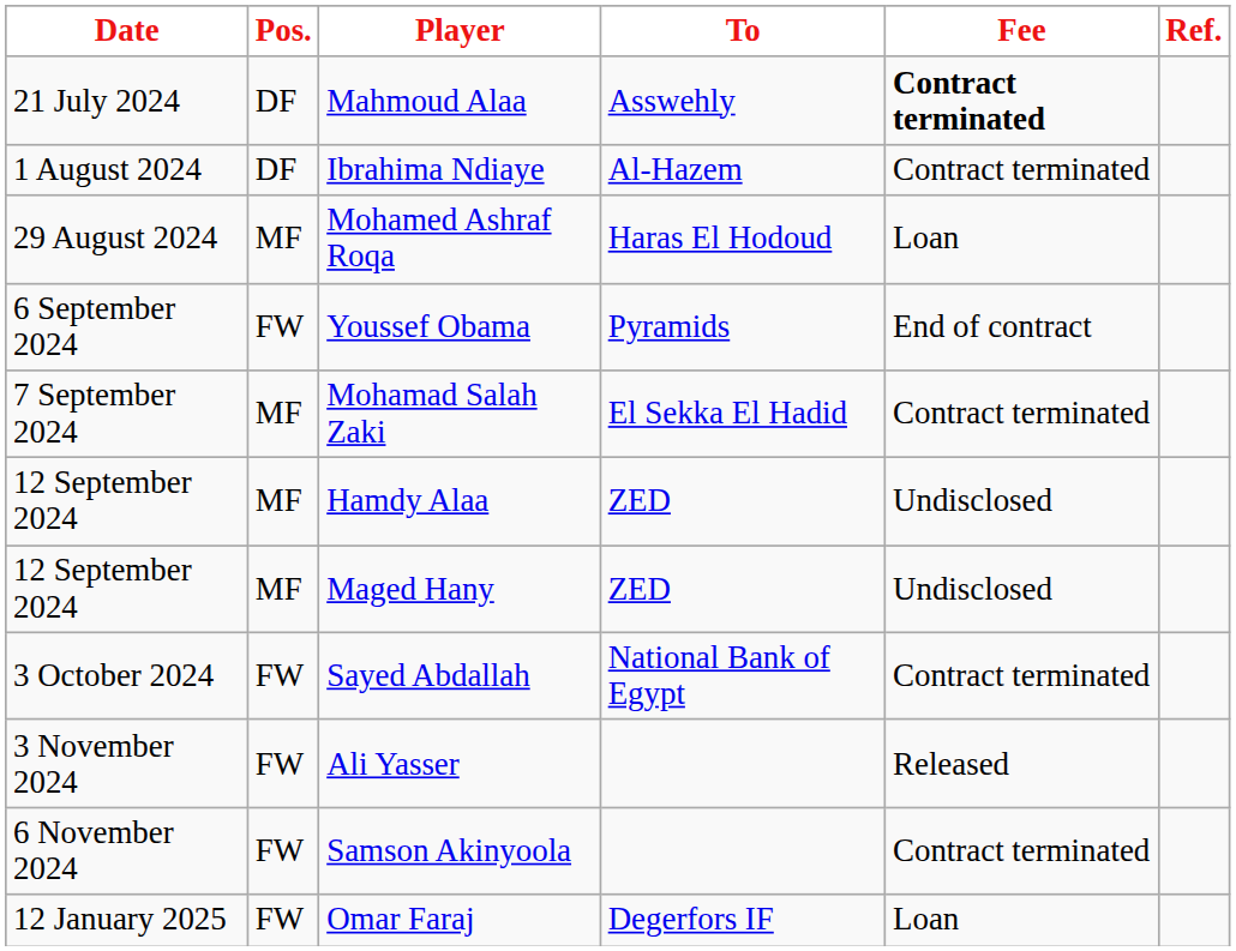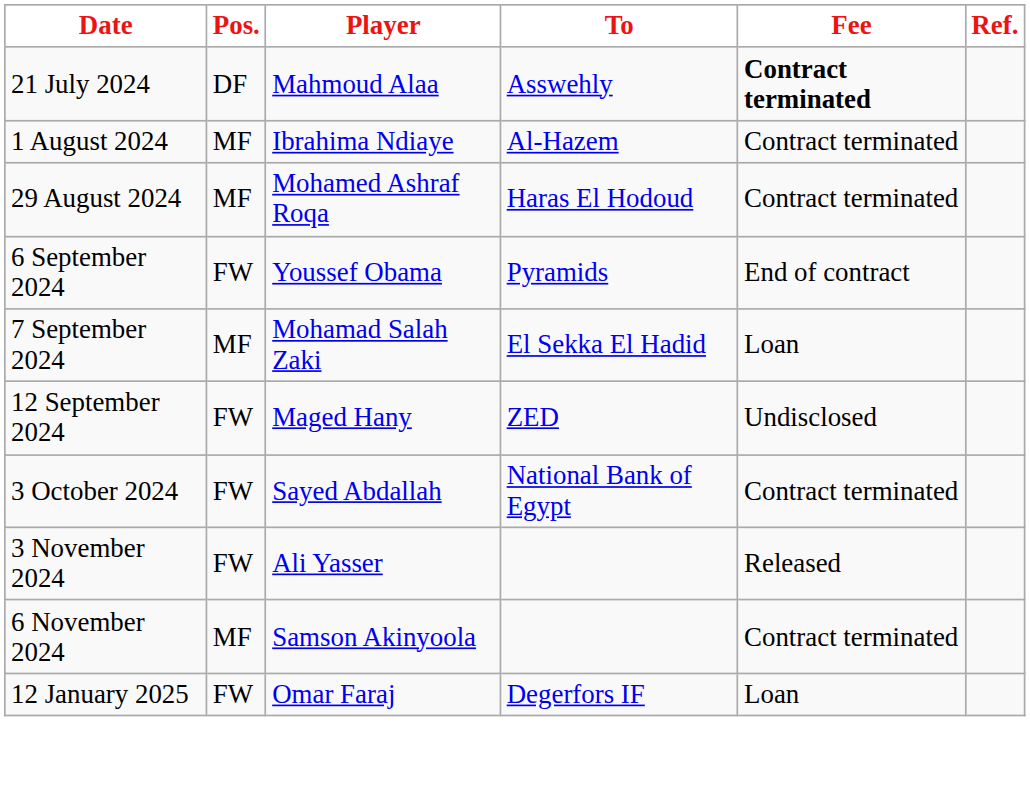 <table class="wikitable plainrowheaders sortable">
 <tr>
 <th style="background:#ffffff; color:#ed1313; ">Date</th>
 <th style="background:#ffffff; color:#ed1313; ">Pos.</th>
 <th style="background:#ffffff; color:#ed1313; ">Player</th>
 <th style="background:#ffffff; color:#ed1313; ">To</th>
 <th style="background:#ffffff; color:#ed1313; ">Fee</th>
 <th style="background:#ffffff; color:#ed1313; ">Ref.</th>
 </tr>
 <tr>
 <td>21 July 2024</td>
 <td>DF</td>
 <td> <a href='#'>Mahmoud Alaa</a></td>
 <td> <a href='#'>Asswehly</a></td>
 <td><strong>Contract terminated</strong></td>
 <td></td>
 </tr>
 <tr>
 <td>1 August 2024</td>
-<td>DF</td>
+<td>MF</td>
 <td> <a href='#'>Ibrahima Ndiaye</a></td>
 <td> <a href='#'>Al-Hazem</a></td>
 <td>Contract terminated</td>
 <td></td>
 </tr>
 <tr>
 <td>29 August 2024</td>
 <td>MF</td>
 <td> <a href='#'>Mohamed Ashraf Roqa</a></td>
 <td> <a href='#'>Haras El Hodoud</a></td>
-<td>Loan</td>
+<td>Contract terminated</td>
 <td></td>
 </tr>
 <tr>
 <td>6 September 2024</td>
 <td>FW</td>
 <td> <a href='#'>Youssef Obama</a></td>
 <td> <a href='#'>Pyramids</a></td>
 <td>End of contract</td>
 <td></td>
 </tr>
 <tr>
 <td>7 September 2024</td>
 <td>MF</td>
 <td> <a href='#'>Mohamad Salah Zaki</a></td>
 <td> <a href='#'>El Sekka El Hadid</a></td>
-<td>Contract terminated</td>
+<td>Loan</td>
 <td></td>
 </tr>
 <tr>
 <td>12 September 2024</td>
-<td>MF</td>
-<td> <a href='#'>Hamdy Alaa</a></td>
-<td> <a href='#'>ZED</a></td>
-<td>Undisclosed</td>
-<td></td>
-</tr>
-<tr>
-<td>12 September 2024</td>
-<td>MF</td>
+<td>FW</td>
 <td> <a href='#'>Maged Hany</a></td>
 <td> <a href='#'>ZED</a></td>
 <td>Undisclosed</td>
 <td></td>
 </tr>
 <tr>
 <td>3 October 2024</td>
 <td>FW</td>
 <td> <a href='#'>Sayed Abdallah</a></td>
 <td> <a href='#'>National Bank of Egypt</a></td>
 <td>Contract terminated</td>
 <td></td>
 </tr>
 <tr>
 <td>3 November 2024</td>
 <td>FW</td>
 <td> <a href='#'>Ali Yasser</a></td>
 <td></td>
 <td>Released</td>
 <td></td>
 </tr>
 <tr>
 <td>6 November 2024</td>
-<td>FW</td>
+<td>MF</td>
 <td> <a href='#'>Samson Akinyoola</a></td>
 <td></td>
 <td>Contract terminated</td>
 <td></td>
 </tr>
 <tr>
 <td>12 January 2025</td>
 <td>FW</td>
 <td> <a href='#'>Omar Faraj</a></td>
 <td> <a href='#'>Degerfors IF</a></td>
 <td>Loan</td>
 <td></td>
 </tr>
 </table>
